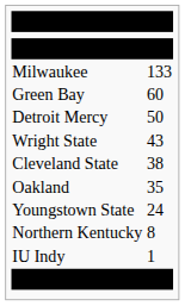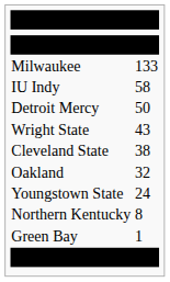 <table class="infobox">
 <tr>
 <th colspan="2" align=center bgcolor="#000000"><span><strong>Horizon League</strong></span></th>
 </tr>
 <tr>
 <td colspan="2" align=center></td>
 </tr>
 <tr>
 <th colspan="2" align=center bgcolor="#000000"><span><strong>Titles per university</strong></span></th>
 </tr>
 <tr>
 <td>Milwaukee</td>
 <td>133</td>
 </tr>
 <tr>
-<td>Green Bay</td>
-<td>60</td>
+<td>IU Indy</td>
+<td>58</td>
 </tr>
 <tr>
 <td>Detroit Mercy</td>
 <td>50</td>
 </tr>
 <tr>
 <td>Wright State</td>
 <td>43</td>
 </tr>
 <tr>
 <td>Cleveland State</td>
 <td>38</td>
 </tr>
 <tr>
 <td>Oakland</td>
-<td>35</td>
+<td>32</td>
 </tr>
 <tr>
 <td>Youngstown State</td>
 <td>24</td>
 </tr>
 <tr>
 <td>Northern Kentucky</td>
 <td>8</td>
 </tr>
 <tr>
-<td>IU Indy</td>
+<td>Green Bay</td>
 <td>1</td>
 </tr>
 <tr>
 <th colspan="2" align=center bgcolor="#000000"><span><strong>Locations</strong></span></th>
 </tr>
 <tr>
 <td colspan="2" align=center></td>
 </tr>
 </table>
